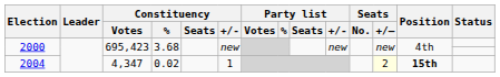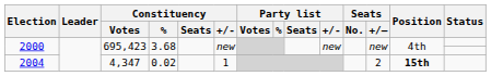 <table class="wikitable" style="text-align:center">
 <tr>
 <th rowspan="2">Election</th>
 <th rowspan="2">Leader</th>
 <th colspan="4">Constituency</th>
 <th colspan="4">Party list</th>
 <th colspan="2">Seats</th>
 <th rowspan="2">Position</th>
 <th rowspan="2">Status</th>
 </tr>
 <tr>
 <th>Votes</th>
 <th>%</th>
 <th>Seats</th>
 <th>+/-</th>
 <th>Votes</th>
 <th>%</th>
 <th>Seats</th>
 <th>+/-</th>
 <th>No.</th>
 <th>+/–</th>
 </tr>
 <tr>
 <td rowspan="2"><a href='#'>2000</a></td>
 <td rowspan="3"></td>
 <td rowspan="2">695,423</td>
 <td rowspan="2">3.68</td>
 <td rowspan="2"></td>
 <td rowspan="2"><em>new</em></td>
 <td colspan="2" rowspan="2" bgcolor="lightgrey"></td>
 <td rowspan="2"></td>
 <td rowspan="2"><em>new</em></td>
 <td rowspan="2"></td>
 <td rowspan="2"><em>new</em></td>
 <td rowspan="2">4th</td>
 <td></td>
 </tr>
 <tr>
 <td></td>
 </tr>
 <tr>
 <td><a href='#'>2004</a></td>
 <td>4,347</td>
 <td>0.02</td>
 <td></td>
 <td> 1</td>
 <td colspan="4" bgcolor="lightgrey"></td>
 <td></td>
-<td style="background: lightyellow;"> 2</td>
+<td> 2</td>
 <td><strong>15th</strong></td>
 <td></td>
 </tr>
 </table>
